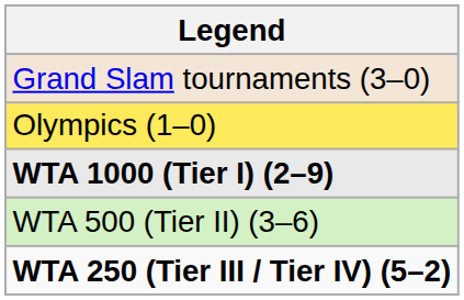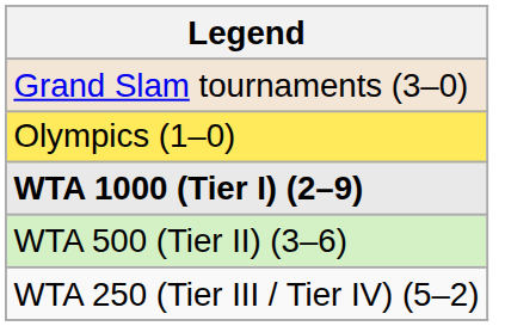 <table class="wikitable" style=font-size:90%>
 <tr>
 <th>Legend</th>
 </tr>
 <tr>
 <td style="background:#f3e6d7;"><a href='#'>Grand Slam</a> tournaments (3–0)</td>
 </tr>
 <tr>
 <td style="background:#ffea5c;">Olympics (1–0)</td>
 </tr>
 <tr>
 <td style="background:#e9e9e9;"><strong>WTA 1000 (Tier I) (2–9)</strong></td>
 </tr>
 <tr>
 <td style="background:#d4f1c5;">WTA 500 (Tier II) (3–6)</td>
 </tr>
 <tr>
-<td><strong>WTA 250 (Tier III / Tier IV) (5–2)</strong></td>
+<td>WTA 250 (Tier III / Tier IV) (5–2)</td>
 </tr>
 </table>
